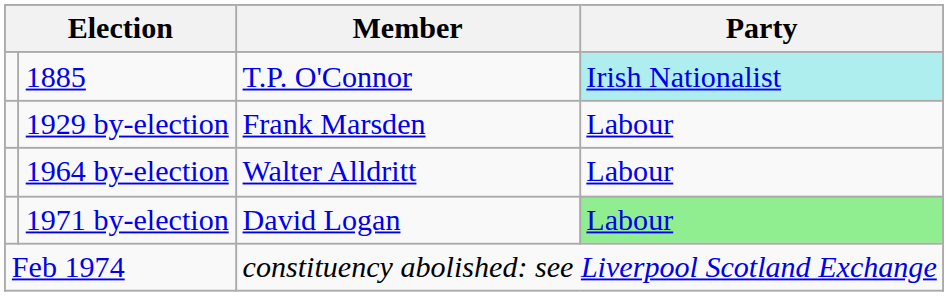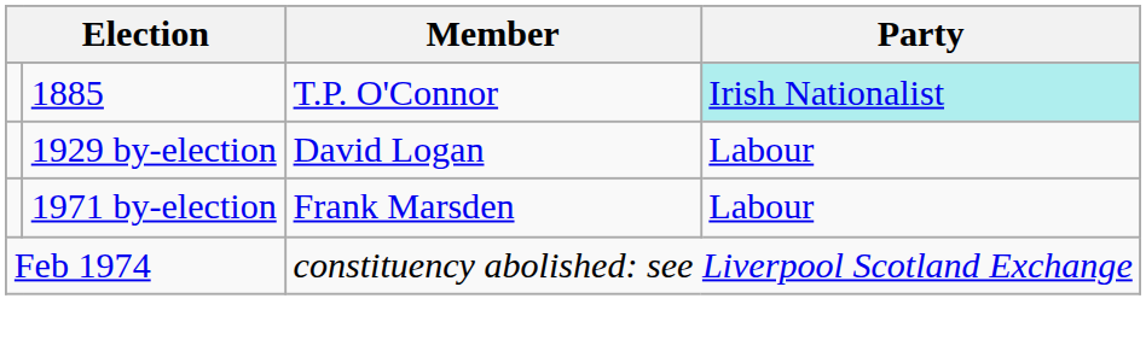 <table class="wikitable">
 <tr>
 <th colspan="2">Election</th>
 <th>Member</th>
 <th>Party</th>
 </tr>
 <tr>
 <td style="color:inherit;background-color: "></td>
 <td><a href='#'>1885</a></td>
 <td><a href='#'>T.P. O'Connor</a></td>
 <td style="background: paleturquoise;"><a href='#'>Irish Nationalist</a></td>
 </tr>
 <tr>
 <td style="color:inherit;background-color: "></td>
 <td><a href='#'>1929 by-election</a></td>
-<td><a href='#'>Frank Marsden</a></td>
-<td><a href='#'>Labour</a></td>
-</tr>
-<tr>
-<td style="color:inherit;background-color: "></td>
-<td><a href='#'>1964 by-election</a></td>
-<td><a href='#'>Walter Alldritt</a></td>
+<td><a href='#'>David Logan</a></td>
 <td><a href='#'>Labour</a></td>
 </tr>
 <tr>
 <td style="color:inherit;background-color: "></td>
 <td><a href='#'>1971 by-election</a></td>
-<td><a href='#'>David Logan</a></td>
-<td style="background: lightgreen;"><a href='#'>Labour</a></td>
+<td><a href='#'>Frank Marsden</a></td>
+<td><a href='#'>Labour</a></td>
 </tr>
 <tr>
 <td colspan="2"><a href='#'>Feb 1974</a></td>
 <td colspan="2"><em>constituency abolished: see <a href='#'>Liverpool Scotland Exchange</a></em></td>
 </tr>
 </table>
